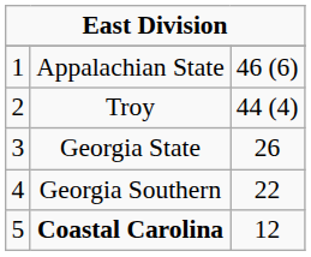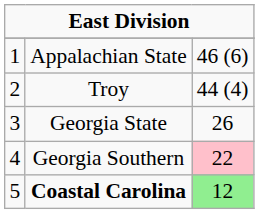 <table class="wikitable">
 <tr align="center">
 <td align="center" Colspan="3"><strong>East Division</strong></td>
 </tr>
 <tr align="center">
 </tr>
 <tr align="center">
 <td>1</td>
 <td>Appalachian State</td>
 <td>46 (6)</td>
 </tr>
 <tr align="center">
 <td>2</td>
 <td>Troy</td>
 <td>44 (4)</td>
 </tr>
 <tr align="center">
 <td>3</td>
 <td>Georgia State</td>
 <td>26</td>
 </tr>
 <tr align="center">
 <td>4</td>
 <td>Georgia Southern</td>
-<td>22</td>
+<td style="background: pink;">22</td>
 </tr>
 <tr align="center">
 <td>5</td>
 <td><strong>Coastal Carolina</strong></td>
-<td>12</td>
+<td style="background: lightgreen;">12</td>
 </tr>
 </table>
